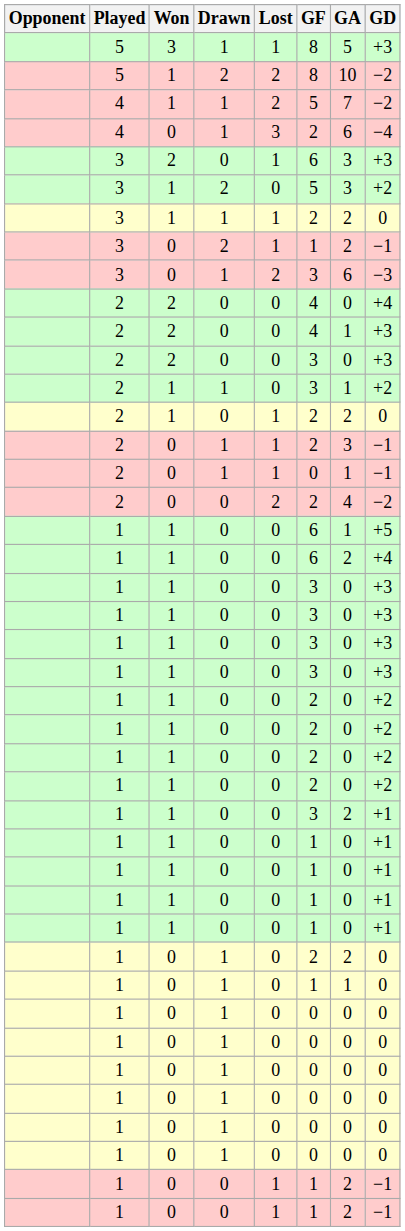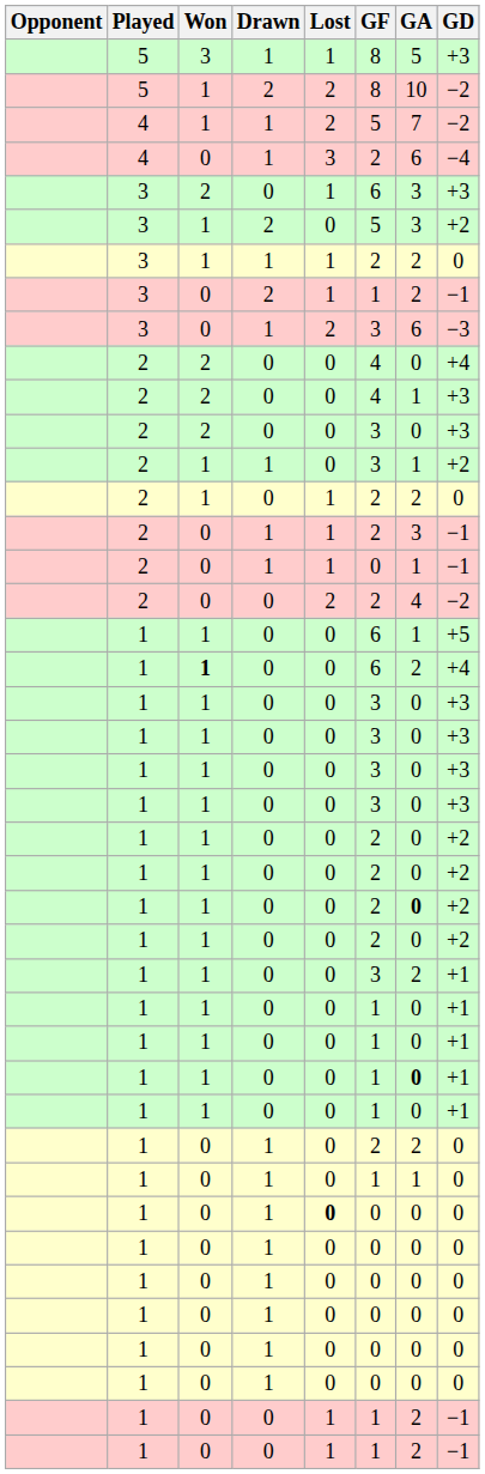 <table class="wikitable sortable" style="text-align:center">
 <tr bgcolor="b0c4de">
 <th>Opponent</th>
 <th>Played</th>
 <th>Won</th>
 <th>Drawn</th>
 <th>Lost</th>
 <th>GF</th>
 <th>GA</th>
 <th>GD</th>
 </tr>
 <tr bgcolor=#CCFFCC>
 <td align="left"></td>
 <td>5</td>
 <td>3</td>
 <td>1</td>
 <td>1</td>
 <td>8</td>
 <td>5</td>
 <td><span>+3</span></td>
 </tr>
 <tr bgcolor=#FFCCCC>
 <td align="left"></td>
 <td>5</td>
 <td>1</td>
 <td>2</td>
 <td>2</td>
 <td>8</td>
 <td>10</td>
 <td><span>−2</span></td>
 </tr>
 <tr bgcolor=#FFCCCC>
 <td align="left"></td>
 <td>4</td>
 <td>1</td>
 <td>1</td>
 <td>2</td>
 <td>5</td>
 <td>7</td>
 <td><span>−2</span></td>
 </tr>
 <tr bgcolor=#FFCCCC>
 <td align="left"></td>
 <td>4</td>
 <td>0</td>
 <td>1</td>
 <td>3</td>
 <td>2</td>
 <td>6</td>
 <td><span>−4</span></td>
 </tr>
 <tr bgcolor=#CCFFCC>
 <td align="left"></td>
 <td>3</td>
 <td>2</td>
 <td>0</td>
 <td>1</td>
 <td>6</td>
 <td>3</td>
 <td><span>+3</span></td>
 </tr>
 <tr bgcolor=#CCFFCC>
 <td align="left"></td>
 <td>3</td>
 <td>1</td>
 <td>2</td>
 <td>0</td>
 <td>5</td>
 <td>3</td>
 <td><span>+2</span></td>
 </tr>
 <tr bgcolor=#FFFFCC>
 <td align="left"></td>
 <td>3</td>
 <td>1</td>
 <td>1</td>
 <td>1</td>
 <td>2</td>
 <td>2</td>
 <td><span>0</span></td>
 </tr>
 <tr bgcolor=#FFCCCC>
 <td align="left"></td>
 <td>3</td>
 <td>0</td>
 <td>2</td>
 <td>1</td>
 <td>1</td>
 <td>2</td>
 <td><span>−1</span></td>
 </tr>
 <tr bgcolor=#FFCCCC>
 <td align="left"></td>
 <td>3</td>
 <td>0</td>
 <td>1</td>
 <td>2</td>
 <td>3</td>
 <td>6</td>
 <td><span>−3</span></td>
 </tr>
 <tr bgcolor=#CCFFCC>
 <td align="left"></td>
 <td>2</td>
 <td>2</td>
 <td>0</td>
 <td>0</td>
 <td>4</td>
 <td>0</td>
 <td><span>+4</span></td>
 </tr>
 <tr bgcolor=#CCFFCC>
 <td align="left"></td>
 <td>2</td>
 <td>2</td>
 <td>0</td>
 <td>0</td>
 <td>4</td>
 <td>1</td>
 <td><span>+3</span></td>
 </tr>
 <tr bgcolor=#CCFFCC>
 <td align="left"></td>
 <td>2</td>
 <td>2</td>
 <td>0</td>
 <td>0</td>
 <td>3</td>
 <td>0</td>
 <td><span>+3</span></td>
 </tr>
 <tr bgcolor=#CCFFCC>
 <td align="left"></td>
 <td>2</td>
 <td>1</td>
 <td>1</td>
 <td>0</td>
 <td>3</td>
 <td>1</td>
 <td><span>+2</span></td>
 </tr>
 <tr bgcolor=#FFFFCC>
 <td align="left"></td>
 <td>2</td>
 <td>1</td>
 <td>0</td>
 <td>1</td>
 <td>2</td>
 <td>2</td>
 <td><span>0</span></td>
 </tr>
 <tr bgcolor=#FFCCCC>
 <td align="left"></td>
 <td>2</td>
 <td>0</td>
 <td>1</td>
 <td>1</td>
 <td>2</td>
 <td>3</td>
 <td><span>−1</span></td>
 </tr>
 <tr bgcolor=#FFCCCC>
 <td align="left"></td>
 <td>2</td>
 <td>0</td>
 <td>1</td>
 <td>1</td>
 <td>0</td>
 <td>1</td>
 <td><span>−1</span></td>
 </tr>
 <tr bgcolor=#FFCCCC>
 <td align="left"></td>
 <td>2</td>
 <td>0</td>
 <td>0</td>
 <td>2</td>
 <td>2</td>
 <td>4</td>
 <td><span>−2</span></td>
 </tr>
 <tr bgcolor=#CCFFCC>
 <td align="left"></td>
 <td>1</td>
 <td>1</td>
 <td>0</td>
 <td>0</td>
 <td>6</td>
 <td>1</td>
 <td><span>+5</span></td>
 </tr>
 <tr bgcolor=#CCFFCC>
 <td align="left"></td>
 <td>1</td>
-<td>1</td>
+<td><strong>1</strong></td>
 <td>0</td>
 <td>0</td>
 <td>6</td>
 <td>2</td>
 <td><span>+4</span></td>
 </tr>
 <tr bgcolor=#CCFFCC>
 <td align="left"></td>
 <td>1</td>
 <td>1</td>
 <td>0</td>
 <td>0</td>
 <td>3</td>
 <td>0</td>
 <td><span>+3</span></td>
 </tr>
 <tr bgcolor=#CCFFCC>
 <td align="left"></td>
 <td>1</td>
 <td>1</td>
 <td>0</td>
 <td>0</td>
 <td>3</td>
 <td>0</td>
 <td><span>+3</span></td>
 </tr>
 <tr bgcolor=#CCFFCC>
 <td align="left"></td>
 <td>1</td>
 <td>1</td>
 <td>0</td>
 <td>0</td>
 <td>3</td>
 <td>0</td>
 <td><span>+3</span></td>
 </tr>
 <tr bgcolor=#CCFFCC>
 <td align="left"></td>
 <td>1</td>
 <td>1</td>
 <td>0</td>
 <td>0</td>
 <td>3</td>
 <td>0</td>
 <td><span>+3</span></td>
 </tr>
 <tr bgcolor=#CCFFCC>
 <td align="left"></td>
 <td>1</td>
 <td>1</td>
 <td>0</td>
 <td>0</td>
 <td>2</td>
 <td>0</td>
 <td><span>+2</span></td>
 </tr>
 <tr bgcolor=#CCFFCC>
 <td align="left"></td>
 <td>1</td>
 <td>1</td>
 <td>0</td>
 <td>0</td>
 <td>2</td>
 <td>0</td>
 <td><span>+2</span></td>
 </tr>
 <tr bgcolor=#CCFFCC>
 <td align="left"></td>
 <td>1</td>
 <td>1</td>
 <td>0</td>
 <td>0</td>
 <td>2</td>
-<td>0</td>
+<td><strong>0</strong></td>
 <td><span>+2</span></td>
 </tr>
 <tr bgcolor=#CCFFCC>
 <td align="left"></td>
 <td>1</td>
 <td>1</td>
 <td>0</td>
 <td>0</td>
 <td>2</td>
 <td>0</td>
 <td><span>+2</span></td>
 </tr>
 <tr bgcolor=#CCFFCC>
 <td align="left"></td>
 <td>1</td>
 <td>1</td>
 <td>0</td>
 <td>0</td>
 <td>3</td>
 <td>2</td>
 <td><span>+1</span></td>
 </tr>
 <tr bgcolor=#CCFFCC>
 <td align="left"></td>
 <td>1</td>
 <td>1</td>
 <td>0</td>
 <td>0</td>
 <td>1</td>
 <td>0</td>
 <td><span>+1</span></td>
 </tr>
 <tr bgcolor=#CCFFCC>
 <td align="left"></td>
 <td>1</td>
 <td>1</td>
 <td>0</td>
 <td>0</td>
 <td>1</td>
 <td>0</td>
 <td><span>+1</span></td>
 </tr>
 <tr bgcolor=#CCFFCC>
 <td align="left"></td>
 <td>1</td>
 <td>1</td>
 <td>0</td>
 <td>0</td>
 <td>1</td>
-<td>0</td>
+<td><strong>0</strong></td>
 <td><span>+1</span></td>
 </tr>
 <tr bgcolor=#CCFFCC>
 <td align="left"></td>
 <td>1</td>
 <td>1</td>
 <td>0</td>
 <td>0</td>
 <td>1</td>
 <td>0</td>
 <td><span>+1</span></td>
 </tr>
 <tr bgcolor=#FFFFCC>
 <td align="left"></td>
 <td>1</td>
 <td>0</td>
 <td>1</td>
 <td>0</td>
 <td>2</td>
 <td>2</td>
 <td><span>0</span></td>
 </tr>
 <tr bgcolor=#FFFFCC>
 <td align="left"></td>
 <td>1</td>
 <td>0</td>
 <td>1</td>
 <td>0</td>
 <td>1</td>
 <td>1</td>
 <td><span>0</span></td>
 </tr>
 <tr bgcolor=#FFFFCC>
 <td align="left"></td>
 <td>1</td>
 <td>0</td>
 <td>1</td>
-<td>0</td>
+<td><strong>0</strong></td>
 <td>0</td>
 <td>0</td>
 <td><span>0</span></td>
 </tr>
 <tr bgcolor=#FFFFCC>
 <td align="left"></td>
 <td>1</td>
 <td>0</td>
 <td>1</td>
 <td>0</td>
 <td>0</td>
 <td>0</td>
 <td><span>0</span></td>
 </tr>
 <tr bgcolor=#FFFFCC>
 <td align="left"></td>
 <td>1</td>
 <td>0</td>
 <td>1</td>
 <td>0</td>
 <td>0</td>
 <td>0</td>
 <td><span>0</span></td>
 </tr>
 <tr bgcolor=#FFFFCC>
 <td align="left"></td>
 <td>1</td>
 <td>0</td>
 <td>1</td>
 <td>0</td>
 <td>0</td>
 <td>0</td>
 <td><span>0</span></td>
 </tr>
 <tr bgcolor=#FFFFCC>
 <td align="left"></td>
 <td>1</td>
 <td>0</td>
 <td>1</td>
 <td>0</td>
 <td>0</td>
 <td>0</td>
 <td><span>0</span></td>
 </tr>
 <tr bgcolor=#FFFFCC>
 <td align="left"></td>
 <td>1</td>
 <td>0</td>
 <td>1</td>
 <td>0</td>
 <td>0</td>
 <td>0</td>
 <td><span>0</span></td>
 </tr>
 <tr bgcolor=#FFCCCC>
 <td align="left"></td>
 <td>1</td>
 <td>0</td>
 <td>0</td>
 <td>1</td>
 <td>1</td>
 <td>2</td>
 <td><span>−1</span></td>
 </tr>
 <tr bgcolor=#FFCCCC>
 <td align="left"></td>
 <td>1</td>
 <td>0</td>
 <td>0</td>
 <td>1</td>
 <td>1</td>
 <td>2</td>
 <td><span>−1</span></td>
 </tr>
 </table>
